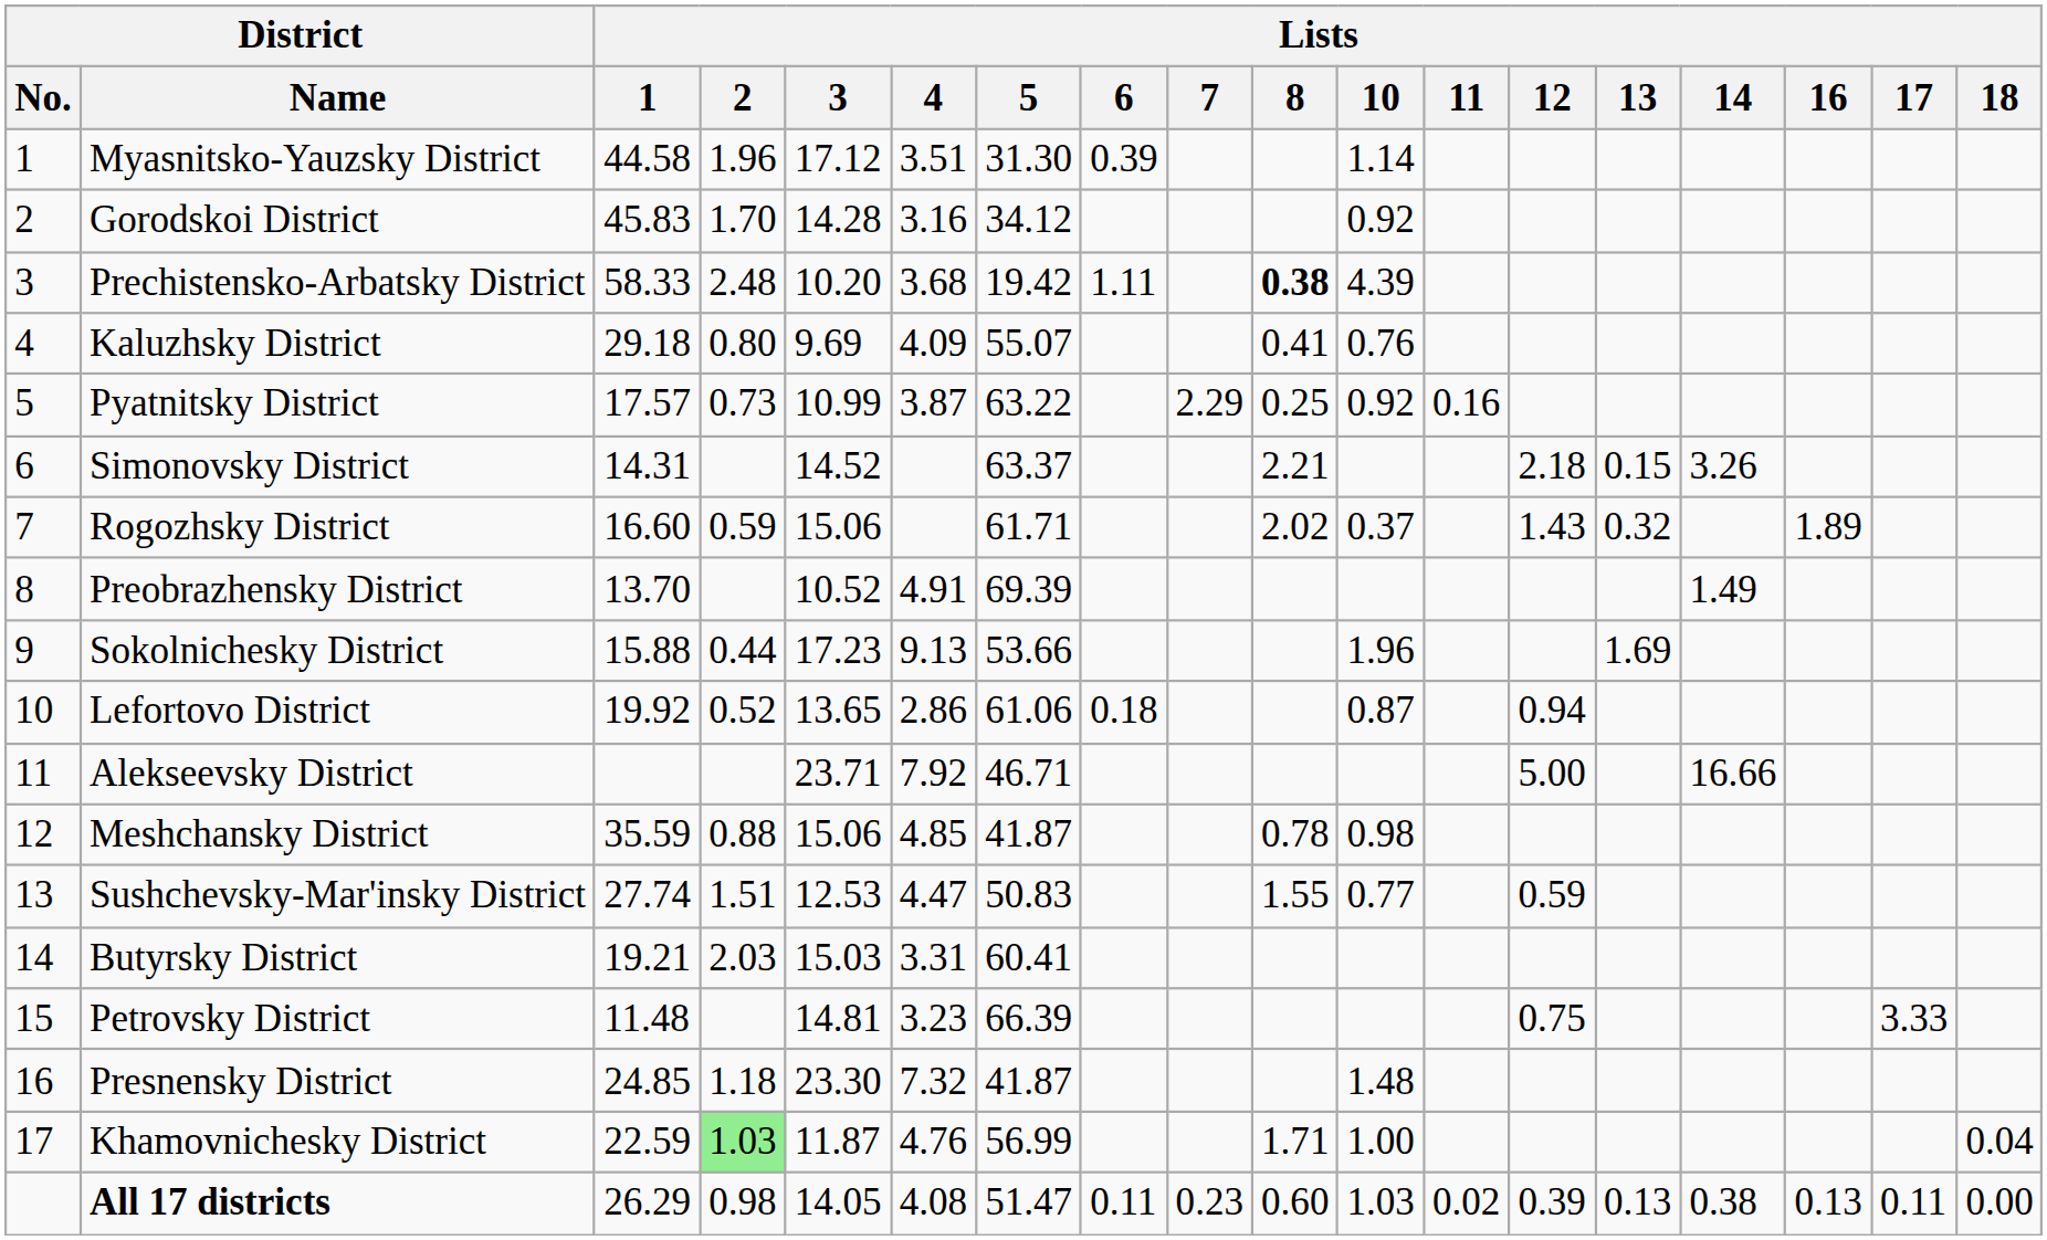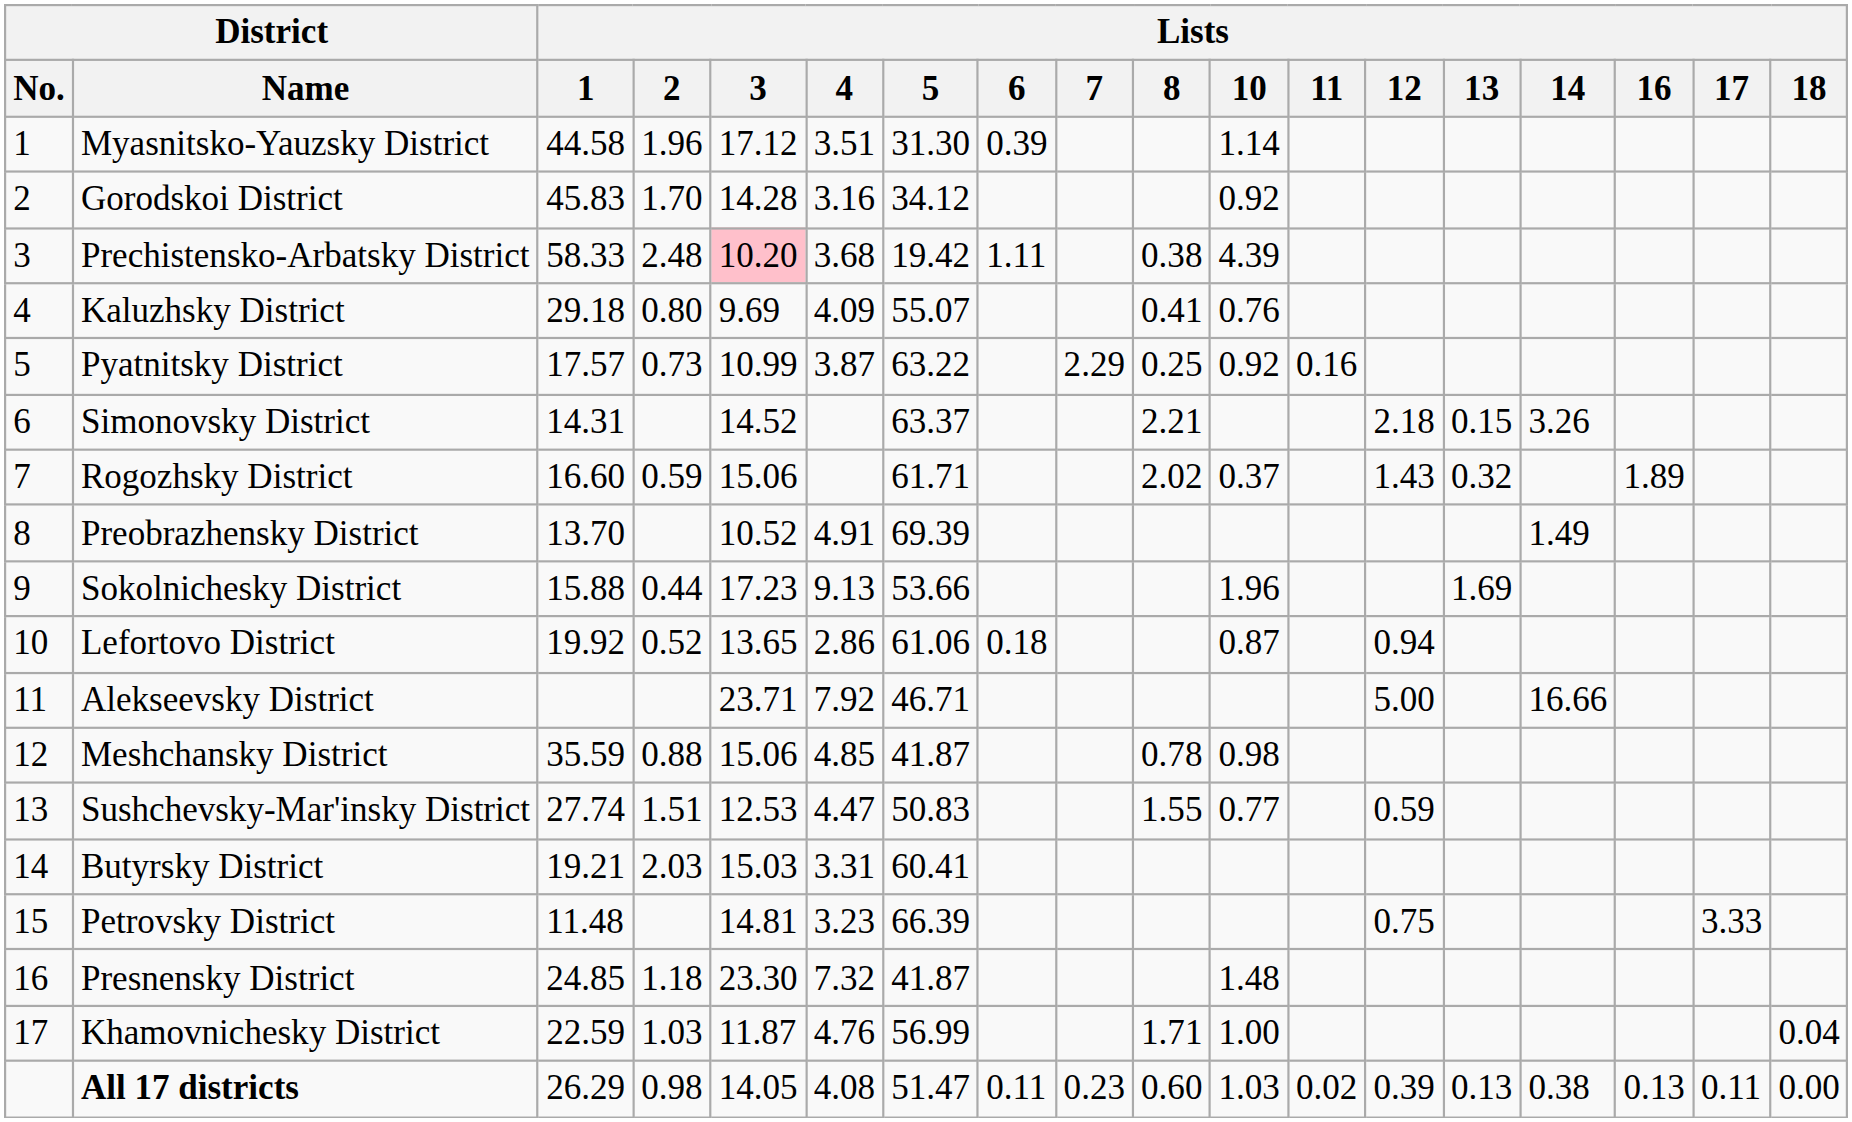 <table class="wikitable sortable">
 <tr>
 <th colspan=2>District</th>
 <th colspan=16>Lists</th>
 </tr>
 <tr>
 <th>No.</th>
 <th>Name</th>
 <th>1</th>
 <th>2</th>
 <th>3</th>
 <th>4</th>
 <th>5</th>
 <th>6</th>
 <th>7</th>
 <th>8</th>
 <th>10</th>
 <th>11</th>
 <th>12</th>
 <th>13</th>
 <th>14</th>
 <th>16</th>
 <th>17</th>
 <th>18</th>
 </tr>
 <tr>
 <td>1</td>
 <td>Myasnitsko-Yauzsky District</td>
 <td>44.58</td>
 <td>1.96</td>
 <td>17.12</td>
 <td>3.51</td>
 <td>31.30</td>
 <td>0.39</td>
 <td></td>
 <td></td>
 <td>1.14</td>
 <td></td>
 <td></td>
 <td></td>
 <td></td>
 <td></td>
 <td></td>
 <td></td>
 </tr>
 <tr>
 <td>2</td>
 <td>Gorodskoi District</td>
 <td>45.83</td>
 <td>1.70</td>
 <td>14.28</td>
 <td>3.16</td>
 <td>34.12</td>
 <td></td>
 <td></td>
 <td></td>
 <td>0.92</td>
 <td></td>
 <td></td>
 <td></td>
 <td></td>
 <td></td>
 <td></td>
 <td></td>
 </tr>
 <tr>
 <td>3</td>
 <td>Prechistensko-Arbatsky District</td>
 <td>58.33</td>
 <td>2.48</td>
-<td>10.20</td>
+<td style="background: pink;">10.20</td>
 <td>3.68</td>
 <td>19.42</td>
 <td>1.11</td>
 <td></td>
-<td><strong>0.38</strong></td>
+<td>0.38</td>
 <td>4.39</td>
 <td></td>
 <td></td>
 <td></td>
 <td></td>
 <td></td>
 <td></td>
 <td></td>
 </tr>
 <tr>
 <td>4</td>
 <td>Kaluzhsky District</td>
 <td>29.18</td>
 <td>0.80</td>
 <td>9.69</td>
 <td>4.09</td>
 <td>55.07</td>
 <td></td>
 <td></td>
 <td>0.41</td>
 <td>0.76</td>
 <td></td>
 <td></td>
 <td></td>
 <td></td>
 <td></td>
 <td></td>
 <td></td>
 </tr>
 <tr>
 <td>5</td>
 <td>Pyatnitsky District</td>
 <td>17.57</td>
 <td>0.73</td>
 <td>10.99</td>
 <td>3.87</td>
 <td>63.22</td>
 <td></td>
 <td>2.29</td>
 <td>0.25</td>
 <td>0.92</td>
 <td>0.16</td>
 <td></td>
 <td></td>
 <td></td>
 <td></td>
 <td></td>
 <td></td>
 </tr>
 <tr>
 <td>6</td>
 <td>Simonovsky District</td>
 <td>14.31</td>
 <td></td>
 <td>14.52</td>
 <td></td>
 <td>63.37</td>
 <td></td>
 <td></td>
 <td>2.21</td>
 <td></td>
 <td></td>
 <td>2.18</td>
 <td>0.15</td>
 <td>3.26</td>
 <td></td>
 <td></td>
 <td></td>
 </tr>
 <tr>
 <td>7</td>
 <td>Rogozhsky District</td>
 <td>16.60</td>
 <td>0.59</td>
 <td>15.06</td>
 <td></td>
 <td>61.71</td>
 <td></td>
 <td></td>
 <td>2.02</td>
 <td>0.37</td>
 <td></td>
 <td>1.43</td>
 <td>0.32</td>
 <td></td>
 <td>1.89</td>
 <td></td>
 <td></td>
 </tr>
 <tr>
 <td>8</td>
 <td>Preobrazhensky District</td>
 <td>13.70</td>
 <td></td>
 <td>10.52</td>
 <td>4.91</td>
 <td>69.39</td>
 <td></td>
 <td></td>
 <td></td>
 <td></td>
 <td></td>
 <td></td>
 <td></td>
 <td>1.49</td>
 <td></td>
 <td></td>
 <td></td>
 </tr>
 <tr>
 <td>9</td>
 <td>Sokolnichesky District</td>
 <td>15.88</td>
 <td>0.44</td>
 <td>17.23</td>
 <td>9.13</td>
 <td>53.66</td>
 <td></td>
 <td></td>
 <td></td>
 <td>1.96</td>
 <td></td>
 <td></td>
 <td>1.69</td>
 <td></td>
 <td></td>
 <td></td>
 <td></td>
 </tr>
 <tr>
 <td>10</td>
 <td>Lefortovo District</td>
 <td>19.92</td>
 <td>0.52</td>
 <td>13.65</td>
 <td>2.86</td>
 <td>61.06</td>
 <td>0.18</td>
 <td></td>
 <td></td>
 <td>0.87</td>
 <td></td>
 <td>0.94</td>
 <td></td>
 <td></td>
 <td></td>
 <td></td>
 <td></td>
 </tr>
 <tr>
 <td>11</td>
 <td>Alekseevsky District</td>
 <td></td>
 <td></td>
 <td>23.71</td>
 <td>7.92</td>
 <td>46.71</td>
 <td></td>
 <td></td>
 <td></td>
 <td></td>
 <td></td>
 <td>5.00</td>
 <td></td>
 <td>16.66</td>
 <td></td>
 <td></td>
 <td></td>
 </tr>
 <tr>
 <td>12</td>
 <td>Meshchansky District</td>
 <td>35.59</td>
 <td>0.88</td>
 <td>15.06</td>
 <td>4.85</td>
 <td>41.87</td>
 <td></td>
 <td></td>
 <td>0.78</td>
 <td>0.98</td>
 <td></td>
 <td></td>
 <td></td>
 <td></td>
 <td></td>
 <td></td>
 <td></td>
 </tr>
 <tr>
 <td>13</td>
 <td>Sushchevsky-Mar'insky District</td>
 <td>27.74</td>
 <td>1.51</td>
 <td>12.53</td>
 <td>4.47</td>
 <td>50.83</td>
 <td></td>
 <td></td>
 <td>1.55</td>
 <td>0.77</td>
 <td></td>
 <td>0.59</td>
 <td></td>
 <td></td>
 <td></td>
 <td></td>
 <td></td>
 </tr>
 <tr>
 <td>14</td>
 <td>Butyrsky District</td>
 <td>19.21</td>
 <td>2.03</td>
 <td>15.03</td>
 <td>3.31</td>
 <td>60.41</td>
 <td></td>
 <td></td>
 <td></td>
 <td></td>
 <td></td>
 <td></td>
 <td></td>
 <td></td>
 <td></td>
 <td></td>
 <td></td>
 </tr>
 <tr>
 <td>15</td>
 <td>Petrovsky District</td>
 <td>11.48</td>
 <td></td>
 <td>14.81</td>
 <td>3.23</td>
 <td>66.39</td>
 <td></td>
 <td></td>
 <td></td>
 <td></td>
 <td></td>
 <td>0.75</td>
 <td></td>
 <td></td>
 <td></td>
 <td>3.33</td>
 <td></td>
 </tr>
 <tr>
 <td>16</td>
 <td>Presnensky District</td>
 <td>24.85</td>
 <td>1.18</td>
 <td>23.30</td>
 <td>7.32</td>
 <td>41.87</td>
 <td></td>
 <td></td>
 <td></td>
 <td>1.48</td>
 <td></td>
 <td></td>
 <td></td>
 <td></td>
 <td></td>
 <td></td>
 <td></td>
 </tr>
 <tr>
 <td>17</td>
 <td>Khamovnichesky District</td>
 <td>22.59</td>
-<td style="background: lightgreen;">1.03</td>
+<td>1.03</td>
 <td>11.87</td>
 <td>4.76</td>
 <td>56.99</td>
 <td></td>
 <td></td>
 <td>1.71</td>
 <td>1.00</td>
 <td></td>
 <td></td>
 <td></td>
 <td></td>
 <td></td>
 <td></td>
 <td>0.04</td>
 </tr>
 <tr class=sortbottom>
 <td></td>
 <td><strong>All 17 districts</strong></td>
 <td>26.29</td>
 <td>0.98</td>
 <td>14.05</td>
 <td>4.08</td>
 <td>51.47</td>
 <td>0.11</td>
 <td>0.23</td>
 <td>0.60</td>
 <td>1.03</td>
 <td>0.02</td>
 <td>0.39</td>
 <td>0.13</td>
 <td>0.38</td>
 <td>0.13</td>
 <td>0.11</td>
 <td>0.00</td>
 </tr>
 </table>
